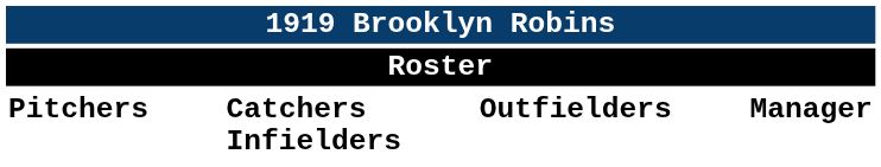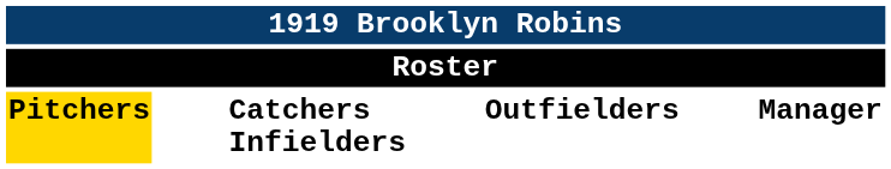 <table class="toccolours" style="font-size: 95%;">
 <tr>
 <th colspan="10" style="background-color: #083c6b; color: white; text-align: center;">1919 Brooklyn Robins</th>
 </tr>
 <tr>
 <td colspan="10" style="background-color: black; color: white; text-align: center;"><strong>Roster</strong></td>
 </tr>
 <tr>
-<td valign="top"><strong>Pitchers</strong><br>        </td>
+<td valign="top" style="background: gold;"><strong>Pitchers</strong><br>        </td>
 <td width="25px"></td>
 <td valign="top"><strong>Catchers</strong><br>   <strong>Infielders</strong>           </td>
 <td width="25px"></td>
 <td valign="top"><strong>Outfielders</strong><br>    </td>
 <td width="25px"></td>
 <td valign="top"><strong>Manager</strong><br></td>
 </tr>
 </table>
